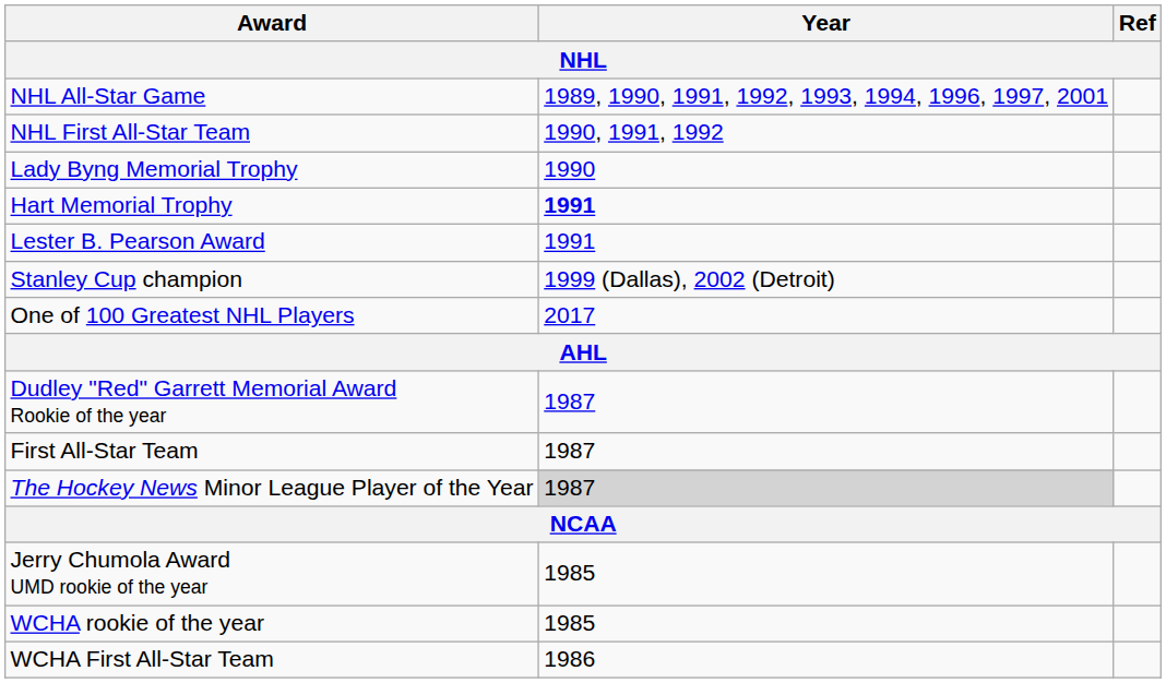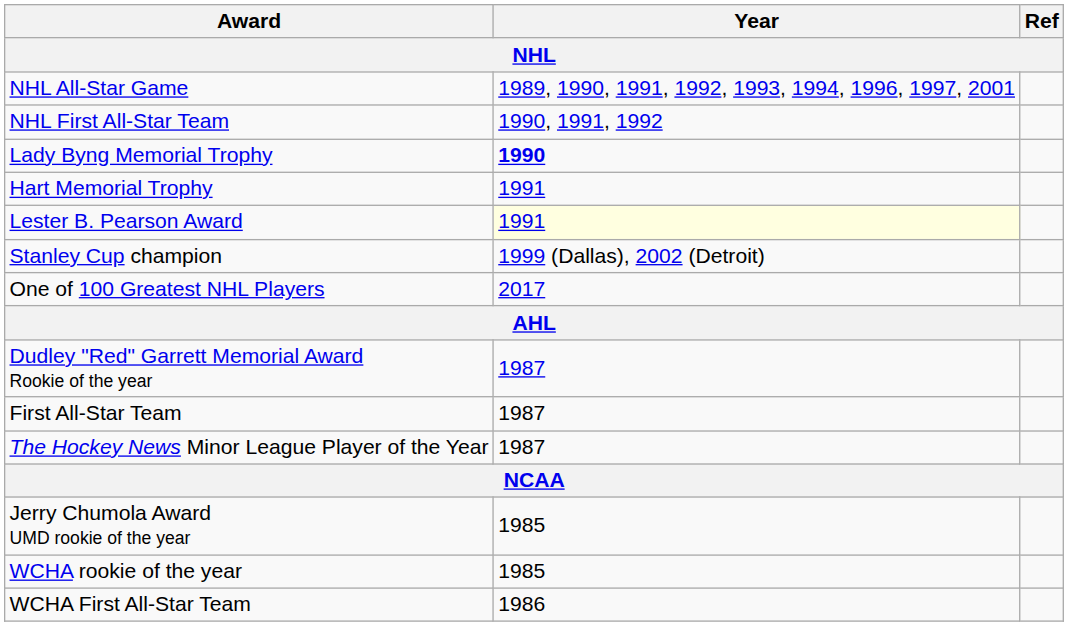 <table class="wikitable">
 <tr>
 <th>Award</th>
 <th>Year</th>
 <th>Ref</th>
 </tr>
 <tr>
 <th colspan="3"><a href='#'>NHL</a></th>
 </tr>
 <tr>
 <td><a href='#'>NHL All-Star Game</a></td>
 <td><a href='#'>1989</a>, <a href='#'>1990</a>, <a href='#'>1991</a>, <a href='#'>1992</a>, <a href='#'>1993</a>, <a href='#'>1994</a>, <a href='#'>1996</a>, <a href='#'>1997</a>, <a href='#'>2001</a></td>
 <td></td>
 </tr>
 <tr>
 <td><a href='#'>NHL First All-Star Team</a></td>
 <td><a href='#'>1990</a>, <a href='#'>1991</a>, <a href='#'>1992</a></td>
 <td></td>
 </tr>
 <tr>
 <td><a href='#'>Lady Byng Memorial Trophy</a></td>
-<td><a href='#'>1990</a></td>
+<td><strong><a href='#'>1990</a></strong></td>
 <td></td>
 </tr>
 <tr>
 <td><a href='#'>Hart Memorial Trophy</a></td>
-<td><strong><a href='#'>1991</a></strong></td>
+<td><a href='#'>1991</a></td>
 <td></td>
 </tr>
 <tr>
 <td><a href='#'>Lester B. Pearson Award</a></td>
-<td><a href='#'>1991</a></td>
+<td style="background: lightyellow;"><a href='#'>1991</a></td>
 <td></td>
 </tr>
 <tr>
 <td><a href='#'>Stanley Cup</a> champion</td>
 <td><a href='#'>1999</a> (Dallas), <a href='#'>2002</a> (Detroit)</td>
 <td></td>
 </tr>
 <tr>
 <td>One of <a href='#'>100 Greatest NHL Players</a></td>
 <td><a href='#'>2017</a></td>
 <td></td>
 </tr>
 <tr>
 <th colspan="3"><a href='#'>AHL</a></th>
 </tr>
 <tr>
 <td><a href='#'>Dudley "Red" Garrett Memorial Award</a><br><small>Rookie of the year</small></td>
 <td><a href='#'>1987</a></td>
 <td></td>
 </tr>
 <tr>
 <td>First All-Star Team</td>
 <td>1987</td>
 <td></td>
 </tr>
 <tr>
 <td><em><a href='#'>The Hockey News</a></em> Minor League Player of the Year</td>
-<td style="background: lightgrey;">1987</td>
+<td>1987</td>
 <td></td>
 </tr>
 <tr>
 <th colspan="3"><a href='#'>NCAA</a></th>
 </tr>
 <tr>
 <td>Jerry Chumola Award<br><small>UMD rookie of the year</small></td>
 <td>1985</td>
 <td></td>
 </tr>
 <tr>
 <td><a href='#'>WCHA</a> rookie of the year</td>
 <td>1985</td>
 <td></td>
 </tr>
 <tr>
 <td>WCHA First All-Star Team</td>
 <td>1986</td>
 <td></td>
 </tr>
 </table>
